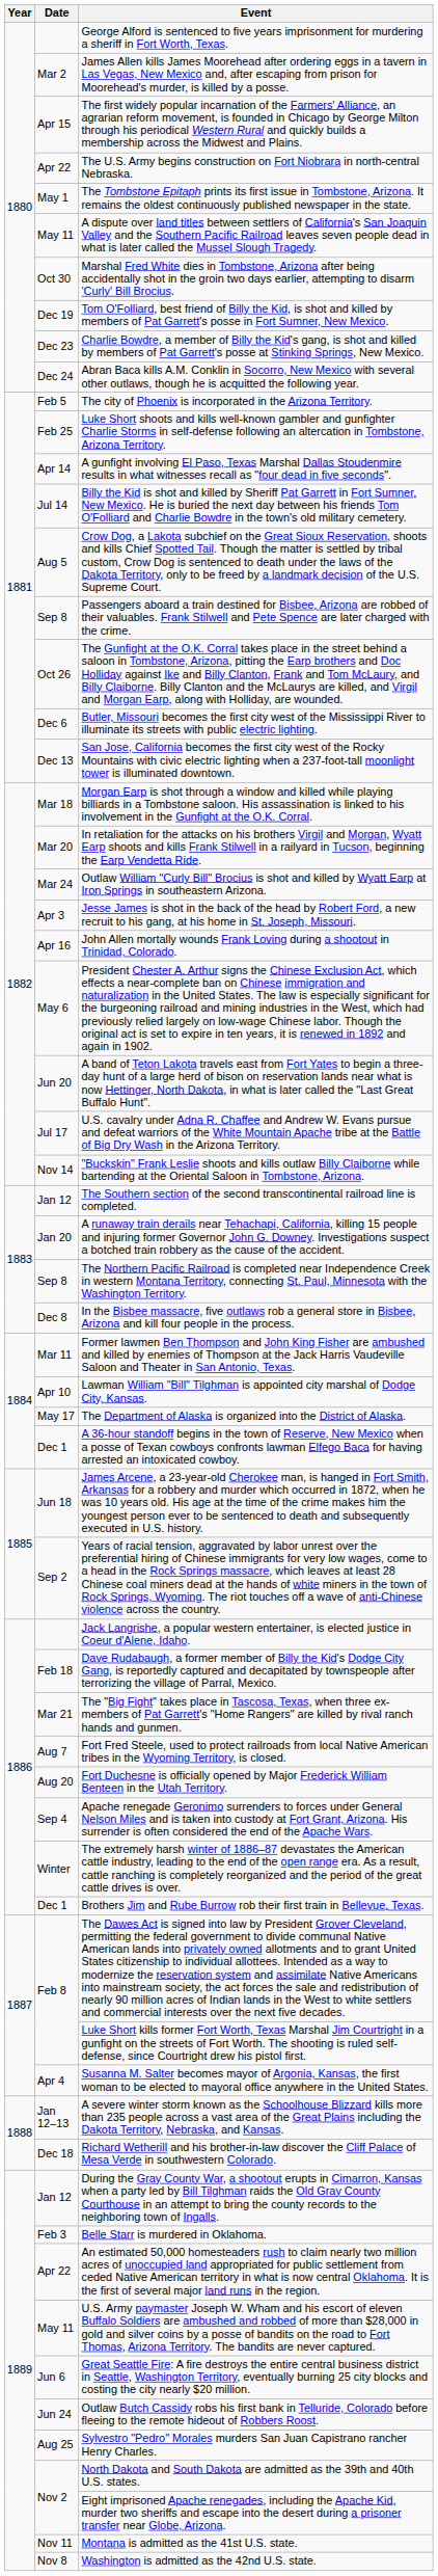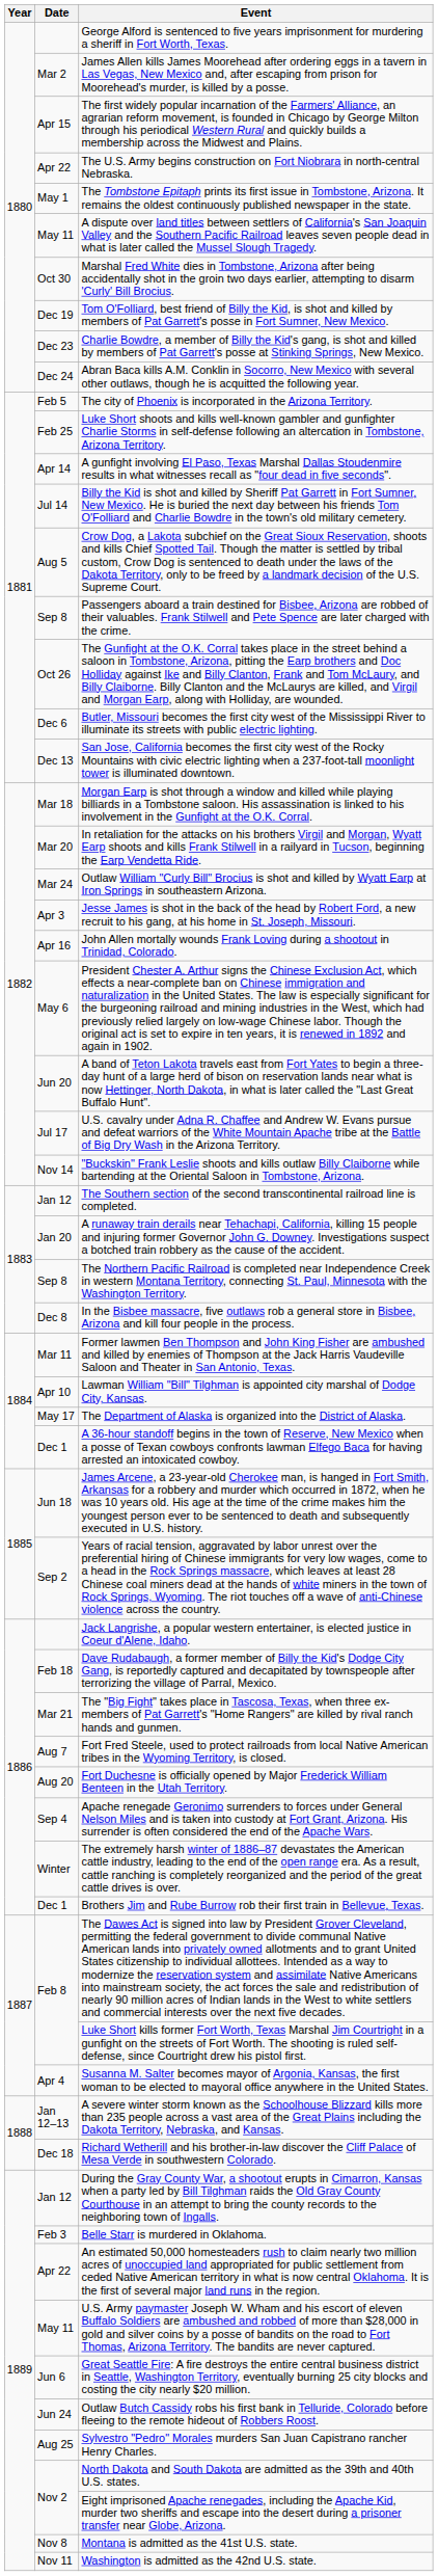 <table class=wikitable>
 <tr>
 <th>Year</th>
 <th width=55>Date</th>
 <th>Event</th>
 </tr>
 <tr>
 <td rowspan=10>1880</td>
 <td></td>
 <td>George Alford is sentenced to five years imprisonment for murdering a sheriff in <a href='#'>Fort Worth, Texas</a>.</td>
 </tr>
 <tr>
 <td>Mar 2</td>
 <td>James Allen kills James Moorehead after ordering eggs in a tavern in <a href='#'>Las Vegas, New Mexico</a> and, after escaping from prison for Moorehead's murder, is killed by a posse.</td>
 </tr>
 <tr>
 <td>Apr 15</td>
 <td>The first widely popular incarnation of the <a href='#'>Farmers' Alliance</a>, an agrarian reform movement, is founded in Chicago by George Milton through his periodical <em><a href='#'>Western Rural</a></em> and quickly builds a membership across the Midwest and Plains.</td>
 </tr>
 <tr>
 <td>Apr 22</td>
 <td>The U.S. Army begins construction on <a href='#'>Fort Niobrara</a> in north-central Nebraska.</td>
 </tr>
 <tr>
 <td>May 1</td>
 <td>The <em><a href='#'>Tombstone Epitaph</a></em> prints its first issue in <a href='#'>Tombstone, Arizona</a>. It remains the oldest continuously published newspaper in the state.</td>
 </tr>
 <tr>
 <td>May 11</td>
 <td>A dispute over <a href='#'>land titles</a> between settlers of <a href='#'>California</a>'s <a href='#'>San Joaquin Valley</a> and the <a href='#'>Southern Pacific Railroad</a> leaves seven people dead in what is later called the <a href='#'>Mussel Slough Tragedy</a>.</td>
 </tr>
 <tr>
 <td>Oct 30</td>
 <td>Marshal <a href='#'>Fred White</a> dies in <a href='#'>Tombstone, Arizona</a> after being accidentally shot in the groin two days earlier, attempting to disarm <a href='#'>'Curly' Bill Brocius</a>.</td>
 </tr>
 <tr>
 <td>Dec 19</td>
 <td><a href='#'>Tom O'Folliard</a>, best friend of <a href='#'>Billy the Kid</a>, is shot and killed by members of <a href='#'>Pat Garrett</a>'s posse in <a href='#'>Fort Sumner, New Mexico</a>.</td>
 </tr>
 <tr>
 <td>Dec 23</td>
 <td><a href='#'>Charlie Bowdre</a>, a member of <a href='#'>Billy the Kid</a>'s gang, is shot and killed by members of <a href='#'>Pat Garrett</a>'s posse at <a href='#'>Stinking Springs</a>, New Mexico.</td>
 </tr>
 <tr>
 <td>Dec 24</td>
 <td>Abran Baca kills A.M. Conklin in <a href='#'>Socorro, New Mexico</a> with several other outlaws, though he is acquitted the following year.</td>
 </tr>
 <tr>
 <td rowspan=9>1881</td>
 <td>Feb 5</td>
 <td>The city of <a href='#'>Phoenix</a> is incorporated in the <a href='#'>Arizona Territory</a>.</td>
 </tr>
 <tr>
 <td>Feb 25</td>
 <td><a href='#'>Luke Short</a> shoots and kills well-known gambler and gunfighter <a href='#'>Charlie Storms</a> in self-defense following an altercation in <a href='#'>Tombstone, Arizona Territory</a>.</td>
 </tr>
 <tr>
 <td>Apr 14</td>
 <td>A gunfight involving <a href='#'>El Paso, Texas</a> Marshal <a href='#'>Dallas Stoudenmire</a> results in what witnesses recall as "<a href='#'>four dead in five seconds</a>".</td>
 </tr>
 <tr>
 <td>Jul 14</td>
 <td><a href='#'>Billy the Kid</a> is shot and killed by Sheriff <a href='#'>Pat Garrett</a> in <a href='#'>Fort Sumner, New Mexico</a>. He is buried the next day between his friends <a href='#'>Tom O'Folliard</a> and <a href='#'>Charlie Bowdre</a> in the town's old military cemetery.</td>
 </tr>
 <tr>
 <td>Aug 5</td>
 <td><a href='#'>Crow Dog</a>, a <a href='#'>Lakota</a> subchief on the <a href='#'>Great Sioux Reservation</a>, shoots and kills Chief <a href='#'>Spotted Tail</a>. Though the matter is settled by tribal custom, Crow Dog is sentenced to death under the laws of the <a href='#'>Dakota Territory</a>, only to be freed by <a href='#'>a landmark decision</a> of the U.S. Supreme Court.</td>
 </tr>
 <tr>
 <td>Sep 8</td>
 <td>Passengers aboard a train destined for <a href='#'>Bisbee, Arizona</a> are robbed of their valuables. <a href='#'>Frank Stilwell</a> and <a href='#'>Pete Spence</a> are later charged with the crime.</td>
 </tr>
 <tr>
 <td>Oct 26</td>
 <td>The <a href='#'>Gunfight at the O.K. Corral</a> takes place in the street behind a saloon in <a href='#'>Tombstone, Arizona</a>, pitting the <a href='#'>Earp brothers</a> and <a href='#'>Doc Holliday</a> against <a href='#'>Ike</a> and <a href='#'>Billy Clanton</a>, <a href='#'>Frank</a> and <a href='#'>Tom McLaury</a>, and <a href='#'>Billy Claiborne</a>. Billy Clanton and the McLaurys are killed, and <a href='#'>Virgil</a> and <a href='#'>Morgan Earp</a>, along with Holliday, are wounded.</td>
 </tr>
 <tr>
 <td>Dec 6</td>
 <td><a href='#'>Butler, Missouri</a> becomes the first city west of the Mississippi River to illuminate its streets with public <a href='#'>electric lighting</a>.</td>
 </tr>
 <tr>
 <td>Dec 13</td>
 <td><a href='#'>San Jose, California</a> becomes the first city west of the Rocky Mountains with civic electric lighting when a 237-foot-tall <a href='#'>moonlight tower</a> is illuminated downtown.</td>
 </tr>
 <tr>
 <td rowspan=9>1882</td>
 <td>Mar 18</td>
 <td><a href='#'>Morgan Earp</a> is shot through a window and killed while playing billiards in a Tombstone saloon. His assassination is linked to his involvement in the <a href='#'>Gunfight at the O.K. Corral</a>.</td>
 </tr>
 <tr>
 <td>Mar 20</td>
 <td>In retaliation for the attacks on his brothers <a href='#'>Virgil</a> and <a href='#'>Morgan</a>, <a href='#'>Wyatt Earp</a> shoots and kills <a href='#'>Frank Stilwell</a> in a railyard in <a href='#'>Tucson</a>, beginning the <a href='#'>Earp Vendetta Ride</a>.</td>
 </tr>
 <tr>
 <td>Mar 24</td>
 <td>Outlaw <a href='#'>William "Curly Bill" Brocius</a> is shot and killed by <a href='#'>Wyatt Earp</a> at <a href='#'>Iron Springs</a> in southeastern Arizona.</td>
 </tr>
 <tr>
 <td>Apr 3</td>
 <td><a href='#'>Jesse James</a> is shot in the back of the head by <a href='#'>Robert Ford</a>, a new recruit to his gang, at his home in <a href='#'>St. Joseph, Missouri</a>.</td>
 </tr>
 <tr>
 <td>Apr 16</td>
 <td>John Allen mortally wounds <a href='#'>Frank Loving</a> during <a href='#'>a shootout</a> in <a href='#'>Trinidad, Colorado</a>.</td>
 </tr>
 <tr>
 <td>May 6</td>
 <td>President <a href='#'>Chester A. Arthur</a> signs the <a href='#'>Chinese Exclusion Act</a>, which effects a near-complete ban on <a href='#'>Chinese</a> <a href='#'>immigration and naturalization</a> in the United States. The law is especially significant for the burgeoning railroad and mining industries in the West, which had previously relied largely on low-wage Chinese labor. Though the original act is set to expire in ten years, it is <a href='#'>renewed in 1892</a> and again in 1902.</td>
 </tr>
 <tr>
 <td>Jun 20</td>
 <td>A band of <a href='#'>Teton Lakota</a> travels east from <a href='#'>Fort Yates</a> to begin a three-day hunt of a large herd of bison on reservation lands near what is now <a href='#'>Hettinger, North Dakota</a>, in what is later called the "Last Great Buffalo Hunt".</td>
 </tr>
 <tr>
 <td>Jul 17</td>
 <td>U.S. cavalry under <a href='#'>Adna R. Chaffee</a> and Andrew W. Evans pursue and defeat warriors of the <a href='#'>White Mountain Apache</a> tribe at the <a href='#'>Battle of Big Dry Wash</a> in the Arizona Territory.</td>
 </tr>
 <tr>
 <td>Nov 14</td>
 <td><a href='#'>"Buckskin" Frank Leslie</a> shoots and kills outlaw <a href='#'>Billy Claiborne</a> while bartending at the Oriental Saloon in <a href='#'>Tombstone, Arizona</a>.</td>
 </tr>
 <tr>
 <td rowspan=4>1883</td>
 <td>Jan 12</td>
 <td><a href='#'>The Southern section</a> of the second transcontinental railroad line is completed.</td>
 </tr>
 <tr>
 <td>Jan 20</td>
 <td>A <a href='#'>runaway train derails</a> near <a href='#'>Tehachapi, California</a>, killing 15 people and injuring former Governor <a href='#'>John G. Downey</a>. Investigations suspect a botched train robbery as the cause of the accident.</td>
 </tr>
 <tr>
 <td>Sep 8</td>
 <td>The <a href='#'>Northern Pacific Railroad</a> is completed near Independence Creek in western <a href='#'>Montana Territory</a>, connecting <a href='#'>St. Paul, Minnesota</a> with the <a href='#'>Washington Territory</a>.</td>
 </tr>
 <tr>
 <td>Dec 8</td>
 <td>In the <a href='#'>Bisbee massacre</a>, five <a href='#'>outlaws</a> rob a general store in <a href='#'>Bisbee, Arizona</a> and kill four people in the process.</td>
 </tr>
 <tr>
 <td rowspan=4>1884</td>
 <td>Mar 11</td>
 <td>Former lawmen <a href='#'>Ben Thompson</a> and <a href='#'>John King Fisher</a> are <a href='#'>ambushed</a> and killed by enemies of Thompson at the Jack Harris Vaudeville Saloon and Theater in <a href='#'>San Antonio, Texas</a>.</td>
 </tr>
 <tr>
 <td>Apr 10</td>
 <td>Lawman <a href='#'>William "Bill" Tilghman</a> is appointed city marshal of <a href='#'>Dodge City, Kansas</a>.</td>
 </tr>
 <tr>
 <td>May 17</td>
 <td>The <a href='#'>Department of Alaska</a> is organized into the <a href='#'>District of Alaska</a>.</td>
 </tr>
 <tr>
 <td>Dec 1</td>
 <td><a href='#'>A 36-hour standoff</a> begins in the town of <a href='#'>Reserve, New Mexico</a> when a posse of Texan cowboys confronts lawman <a href='#'>Elfego Baca</a> for having arrested an intoxicated cowboy.</td>
 </tr>
 <tr>
 <td rowspan=2>1885</td>
 <td>Jun 18</td>
 <td><a href='#'>James Arcene</a>, a 23-year-old <a href='#'>Cherokee</a> man, is hanged in <a href='#'>Fort Smith, Arkansas</a> for a robbery and murder which occurred in 1872, when he was 10 years old. His age at the time of the crime makes him the youngest person ever to be sentenced to death and subsequently executed in U.S. history.</td>
 </tr>
 <tr>
 <td>Sep 2</td>
 <td>Years of racial tension, aggravated by labor unrest over the preferential hiring of Chinese immigrants for very low wages, come to a head in the <a href='#'>Rock Springs massacre</a>, which leaves at least 28 Chinese coal miners dead at the hands of <a href='#'>white</a> miners in the town of <a href='#'>Rock Springs, Wyoming</a>. The riot touches off a wave of <a href='#'>anti-Chinese violence</a> across the country.</td>
 </tr>
 <tr>
 <td rowspan=8>1886</td>
 <td></td>
 <td><a href='#'>Jack Langrishe</a>, a popular western entertainer, is elected justice in <a href='#'>Coeur d'Alene, Idaho</a>.</td>
 </tr>
 <tr>
 <td>Feb 18</td>
 <td><a href='#'>Dave Rudabaugh</a>, a former member of <a href='#'>Billy the Kid</a>'s <a href='#'>Dodge City Gang</a>, is reportedly captured and decapitated by townspeople after terrorizing the village of Parral, Mexico.</td>
 </tr>
 <tr>
 <td>Mar 21</td>
 <td>The "<a href='#'>Big Fight</a>" takes place in <a href='#'>Tascosa, Texas</a>, when three ex-members of <a href='#'>Pat Garrett</a>'s "Home Rangers" are killed by rival ranch hands and gunmen.</td>
 </tr>
 <tr>
 <td>Aug 7</td>
 <td>Fort Fred Steele, used to protect railroads from local Native American tribes in the <a href='#'>Wyoming Territory</a>, is closed.</td>
 </tr>
 <tr>
 <td>Aug 20</td>
 <td><a href='#'>Fort Duchesne</a> is officially opened by Major <a href='#'>Frederick William Benteen</a> in the <a href='#'>Utah Territory</a>.</td>
 </tr>
 <tr>
 <td>Sep 4</td>
 <td>Apache renegade <a href='#'>Geronimo</a> surrenders to forces under General <a href='#'>Nelson Miles</a> and is taken into custody at <a href='#'>Fort Grant, Arizona</a>. His surrender is often considered the end of the <a href='#'>Apache Wars</a>.</td>
 </tr>
 <tr>
 <td>Winter</td>
 <td>The extremely harsh <a href='#'>winter of 1886–87</a> devastates the American cattle industry, leading to the end of the <a href='#'>open range</a> era. As a result, cattle ranching is completely reorganized and the period of the great cattle drives is over.</td>
 </tr>
 <tr>
 <td>Dec 1</td>
 <td>Brothers <a href='#'>Jim</a> and <a href='#'>Rube Burrow</a> rob their first train in <a href='#'>Bellevue, Texas</a>.</td>
 </tr>
 <tr>
 <td rowspan=3>1887</td>
 <td rowspan=2>Feb 8</td>
 <td>The <a href='#'>Dawes Act</a> is signed into law by President <a href='#'>Grover Cleveland</a>, permitting the federal government to divide communal Native American lands into <a href='#'>privately owned</a> allotments and to grant United States citizenship to individual allottees. Intended as a way to modernize the <a href='#'>reservation system</a> and <a href='#'>assimilate</a> Native Americans into mainstream society, the act forces the sale and redistribution of nearly 90 million acres of Indian lands in the West to white settlers and commercial interests over the next five decades.</td>
 </tr>
 <tr>
 <td><a href='#'>Luke Short</a> kills former <a href='#'>Fort Worth, Texas</a> Marshal <a href='#'>Jim Courtright</a> in a gunfight on the streets of Fort Worth. The shooting is ruled self-defense, since Courtright drew his pistol first.</td>
 </tr>
 <tr>
 <td>Apr 4</td>
 <td><a href='#'>Susanna M. Salter</a> becomes mayor of <a href='#'>Argonia, Kansas</a>, the first woman to be elected to mayoral office anywhere in the United States.</td>
 </tr>
 <tr>
 <td rowspan=2>1888</td>
 <td>Jan 12–13</td>
 <td>A severe winter storm known as the <a href='#'>Schoolhouse Blizzard</a> kills more than 235 people across a vast area of the <a href='#'>Great Plains</a> including the <a href='#'>Dakota Territory</a>, <a href='#'>Nebraska</a>, and <a href='#'>Kansas</a>.</td>
 </tr>
 <tr>
 <td>Dec 18</td>
 <td><a href='#'>Richard Wetherill</a> and his brother-in-law discover the <a href='#'>Cliff Palace</a> of <a href='#'>Mesa Verde</a> in southwestern <a href='#'>Colorado</a>.</td>
 </tr>
 <tr>
 <td rowspan=11>1889</td>
 <td>Jan 12</td>
 <td>During the <a href='#'>Gray County War</a>, <a href='#'>a shootout</a> erupts in <a href='#'>Cimarron, Kansas</a> when a party led by <a href='#'>Bill Tilghman</a> raids the <a href='#'>Old Gray County Courthouse</a> in an attempt to bring the county records to the neighboring town of <a href='#'>Ingalls</a>.</td>
 </tr>
 <tr>
 <td>Feb 3</td>
 <td><a href='#'>Belle Starr</a> is murdered in Oklahoma.</td>
 </tr>
 <tr>
 <td>Apr 22</td>
 <td>An estimated 50,000 homesteaders <a href='#'>rush</a> to claim nearly two million acres of <a href='#'>unoccupied land</a> appropriated for public settlement from ceded Native American territory in what is now central <a href='#'>Oklahoma</a>. It is the first of several major <a href='#'>land runs</a> in the region.</td>
 </tr>
 <tr>
 <td>May 11</td>
 <td>U.S. Army <a href='#'>paymaster</a> Joseph W. Wham and his escort of eleven <a href='#'>Buffalo Soldiers</a> are <a href='#'>ambushed and robbed</a> of more than $28,000 in gold and silver coins by a posse of bandits on the road to <a href='#'>Fort Thomas</a>, <a href='#'>Arizona Territory</a>. The bandits are never captured.</td>
 </tr>
 <tr>
 <td>Jun 6</td>
 <td><a href='#'>Great Seattle Fire</a>: A fire destroys the entire central business district in <a href='#'>Seattle</a>, <a href='#'>Washington Territory</a>, eventually burning 25 city blocks and costing the city nearly $20 million.</td>
 </tr>
 <tr>
 <td>Jun 24</td>
 <td>Outlaw <a href='#'>Butch Cassidy</a> robs his first bank in <a href='#'>Telluride, Colorado</a> before fleeing to the remote hideout of <a href='#'>Robbers Roost</a>.</td>
 </tr>
 <tr>
 <td>Aug 25</td>
 <td><a href='#'>Sylvestro "Pedro" Morales</a> murders San Juan Capistrano rancher Henry Charles.</td>
 </tr>
 <tr>
 <td rowspan=2>Nov 2</td>
 <td><a href='#'>North Dakota</a> and <a href='#'>South Dakota</a> are admitted as the 39th and 40th U.S. states.</td>
 </tr>
 <tr>
 <td>Eight imprisoned <a href='#'>Apache renegades</a>, including the <a href='#'>Apache Kid</a>, murder two sheriffs and escape into the desert during <a href='#'>a prisoner transfer</a> near <a href='#'>Globe, Arizona</a>.</td>
 </tr>
 <tr>
-<td>Nov 11</td>
+<td>Nov 8</td>
 <td><a href='#'>Montana</a> is admitted as the 41st U.S. state.</td>
 </tr>
 <tr>
-<td>Nov 8</td>
+<td>Nov 11</td>
 <td><a href='#'>Washington</a> is admitted as the 42nd U.S. state.</td>
 </tr>
 </table>
